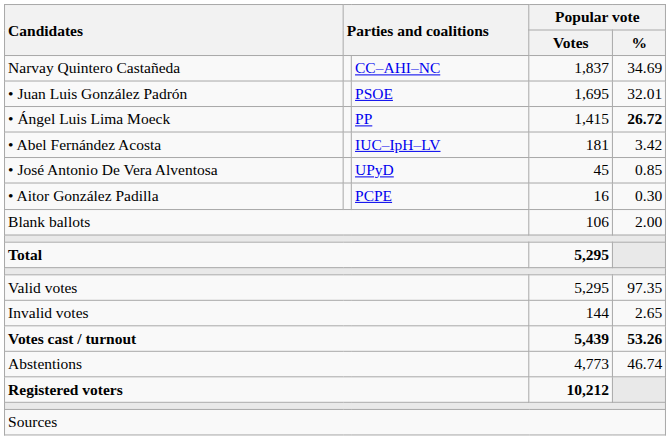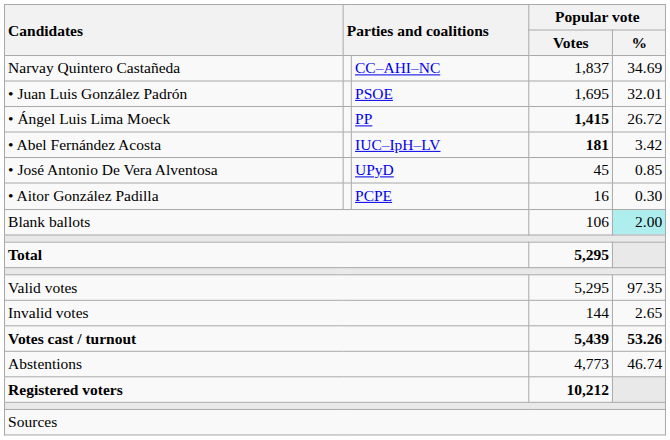 <table class="wikitable" style="text-align:right; font-size:95%;">
 <tr>
 <th style="text-align:left;" rowspan="2" width="325">Candidates</th>
 <th style="text-align:left;" rowspan="2" colspan="2" width="175">Parties and coalitions</th>
 <th colspan="2">Popular vote</th>
 </tr>
 <tr>
 <th width="75">Votes</th>
 <th width="45">%</th>
 </tr>
 <tr>
 <td align="left"> Narvay Quintero Castañeda</td>
 <td width="1" style="color:inherit;background:"></td>
 <td align="left"><a href='#'>CC–AHI–NC</a></td>
 <td>1,837</td>
 <td>34.69</td>
 </tr>
 <tr>
 <td align="left">• Juan Luis González Padrón</td>
 <td style="color:inherit;background:"></td>
 <td align="left"><a href='#'>PSOE</a></td>
 <td>1,695</td>
 <td>32.01</td>
 </tr>
 <tr>
 <td align="left">• Ángel Luis Lima Moeck</td>
 <td style="color:inherit;background:"></td>
 <td align="left"><a href='#'>PP</a></td>
-<td>1,415</td>
-<td><strong>26.72</strong></td>
+<td><strong>1,415</strong></td>
+<td>26.72</td>
 </tr>
 <tr>
 <td align="left">• Abel Fernández Acosta</td>
 <td style="color:inherit;background:"></td>
 <td align="left"><a href='#'>IUC–IpH–LV</a></td>
-<td>181</td>
+<td><strong>181</strong></td>
 <td>3.42</td>
 </tr>
 <tr>
 <td align="left">• José Antonio De Vera Alventosa</td>
 <td style="color:inherit;background:"></td>
 <td align="left"><a href='#'>UPyD</a></td>
 <td>45</td>
 <td>0.85</td>
 </tr>
 <tr>
 <td align="left">• Aitor González Padilla</td>
 <td style="color:inherit;background:"></td>
 <td align="left"><a href='#'>PCPE</a></td>
 <td>16</td>
 <td>0.30</td>
 </tr>
 <tr>
 <td align="left" colspan="3">Blank ballots</td>
 <td>106</td>
-<td>2.00</td>
+<td style="background: paleturquoise;">2.00</td>
 </tr>
 <tr>
 <td colspan="5" bgcolor="#E9E9E9"></td>
 </tr>
 <tr style="font-weight:bold;">
 <td align="left" colspan="3">Total</td>
 <td>5,295</td>
 <td bgcolor="#E9E9E9"></td>
 </tr>
 <tr>
 <td colspan="5" bgcolor="#E9E9E9"></td>
 </tr>
 <tr>
 <td align="left" colspan="3">Valid votes</td>
 <td>5,295</td>
 <td>97.35</td>
 </tr>
 <tr>
 <td align="left" colspan="3">Invalid votes</td>
 <td>144</td>
 <td>2.65</td>
 </tr>
 <tr style="font-weight:bold;">
 <td align="left" colspan="3">Votes cast / turnout</td>
 <td>5,439</td>
 <td>53.26</td>
 </tr>
 <tr>
 <td align="left" colspan="3">Abstentions</td>
 <td>4,773</td>
 <td>46.74</td>
 </tr>
 <tr style="font-weight:bold;">
 <td align="left" colspan="3">Registered voters</td>
 <td>10,212</td>
 <td bgcolor="#E9E9E9"></td>
 </tr>
 <tr>
 <td colspan="5" bgcolor="#E9E9E9"></td>
 </tr>
 <tr>
 <td align="left" colspan="5">Sources</td>
 </tr>
 </table>
